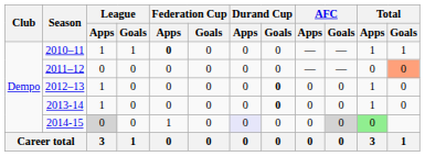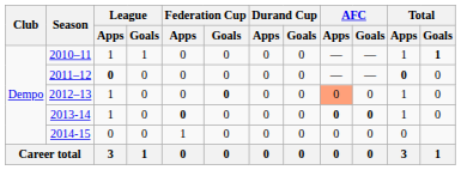 <table class="wikitable" style="font-size:90%; text-align:center;">
 <tr>
 <th rowspan="2">Club</th>
 <th rowspan="2">Season</th>
 <th colspan="2">League</th>
 <th colspan="2">Federation Cup</th>
 <th colspan="2">Durand Cup</th>
 <th colspan="2"><a href='#'>AFC</a></th>
 <th colspan="2">Total</th>
 </tr>
 <tr>
 <th>Apps</th>
 <th>Goals</th>
 <th>Apps</th>
 <th>Goals</th>
 <th>Apps</th>
 <th>Goals</th>
 <th>Apps</th>
 <th>Goals</th>
 <th>Apps</th>
 <th>Goals</th>
 </tr>
 <tr>
 <td rowspan="5"><a href='#'>Dempo</a></td>
 <td><a href='#'>2010–11</a></td>
 <td>1</td>
 <td>1</td>
-<td><strong>0</strong></td>
+<td>0</td>
 <td>0</td>
 <td>0</td>
 <td>0</td>
 <td>—</td>
 <td>—</td>
 <td>1</td>
-<td>1</td>
+<td><strong>1</strong></td>
 </tr>
 <tr>
 <td><a href='#'>2011–12</a></td>
-<td>0</td>
+<td><strong>0</strong></td>
 <td>0</td>
 <td>0</td>
 <td>0</td>
 <td>0</td>
 <td>0</td>
 <td>—</td>
 <td>—</td>
+<td><strong>0</strong></td>
 <td>0</td>
-<td style="background: lightsalmon;">0</td>
 </tr>
 <tr>
 <td><a href='#'>2012–13</a></td>
 <td>1</td>
 <td>0</td>
 <td>0</td>
+<td><strong>0</strong></td>
 <td>0</td>
 <td>0</td>
-<td><strong>0</strong></td>
-<td>0</td>
+<td style="background: lightsalmon;">0</td>
 <td>0</td>
 <td>1</td>
 <td>0</td>
 </tr>
 <tr>
 <td><a href='#'>2013-14</a></td>
 <td>1</td>
 <td>0</td>
+<td><strong>0</strong></td>
 <td>0</td>
 <td>0</td>
 <td>0</td>
 <td><strong>0</strong></td>
-<td>0</td>
-<td>0</td>
+<td><strong>0</strong></td>
 <td>1</td>
 <td>0</td>
 </tr>
 <tr>
 <td><a href='#'>2014-15</a></td>
-<td style="background: lightgrey;">0</td>
+<td>0</td>
 <td>0</td>
 <td>1</td>
 <td 0>0</td>
-<td style="background: lavender;">0</td>
 <td>0</td>
 <td>0</td>
-<td style="background: lightgrey;">0</td>
-<td style="background: lightgreen;">0</td>
+<td>0</td>
+<td>0</td>
+<td>0</td>
 </tr>
 <tr>
 <th colspan="2">Career total</th>
 <th>3</th>
 <th>1</th>
 <th>0</th>
 <th>0</th>
 <th>0</th>
 <th>0</th>
 <th>0</th>
 <th>0</th>
 <th>3</th>
 <th>1</th>
 </tr>
 </table>
